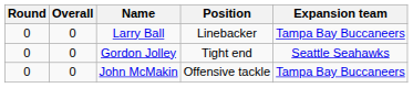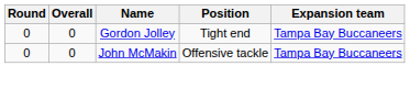 <table class="wikitable" style="text-align:center">
 <tr>
 <th>Round</th>
 <th>Overall</th>
 <th>Name</th>
 <th>Position</th>
 <th>Expansion team</th>
 </tr>
 <tr>
 <td>0</td>
 <td>0</td>
-<td><a href='#'>Larry Ball</a></td>
-<td>Linebacker</td>
-<td><a href='#'>Tampa Bay Buccaneers</a></td>
-</tr>
-<tr>
-<td>0</td>
-<td>0</td>
 <td><a href='#'>Gordon Jolley</a></td>
 <td>Tight end</td>
-<td><a href='#'>Seattle Seahawks</a></td>
+<td><a href='#'>Tampa Bay Buccaneers</a></td>
 </tr>
 <tr>
 <td>0</td>
 <td>0</td>
 <td><a href='#'>John McMakin</a></td>
 <td>Offensive tackle</td>
 <td><a href='#'>Tampa Bay Buccaneers</a></td>
 </tr>
 </table>
